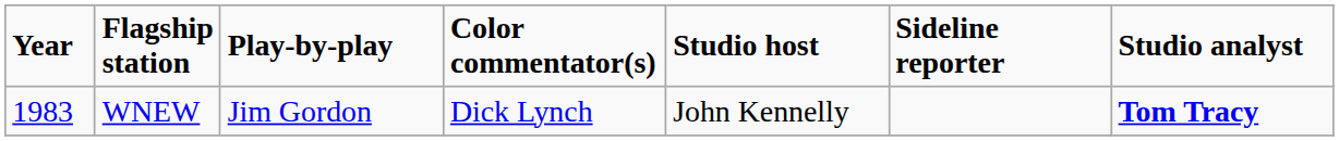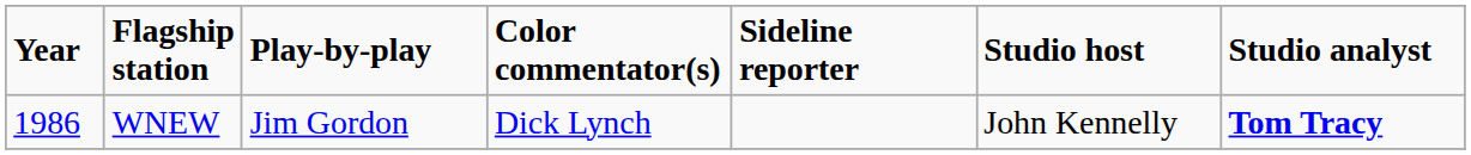 <table class="wikitable">
 <tr>
 <td width="40"><strong>Year</strong></td>
 <td width="40"><strong>Flagship station</strong></td>
 <td width="110"><strong>Play-by-play</strong></td>
 <td width="110"><strong>Color commentator(s)</strong></td>
+<td width="110"><strong>Sideline reporter</strong></td>
 <td width="110"><strong>Studio host</strong></td>
-<td width="110"><strong>Sideline reporter</strong></td>
 <td width="110"><strong>Studio analyst</strong></td>
 </tr>
 <tr>
-<td><a href='#'>1983</a></td>
+<td><a href='#'>1986</a></td>
 <td><a href='#'>WNEW</a></td>
 <td><a href='#'>Jim Gordon</a></td>
 <td><a href='#'>Dick Lynch</a></td>
+<td></td>
 <td>John Kennelly</td>
-<td></td>
 <td><strong><a href='#'>Tom Tracy</a></strong></td>
 </tr>
 </table>
